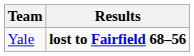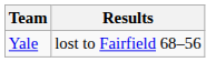 <table class="wikitable">
 <tr>
 <th align="center">Team</th>
 <th align="center">Results</th>
 </tr>
 <tr>
 <td><a href='#'>Yale</a></td>
-<td><strong>lost to <a href='#'>Fairfield</a> 68–56</strong></td>
+<td>lost to <a href='#'>Fairfield</a> 68–56</td>
 </tr>
 </table>
